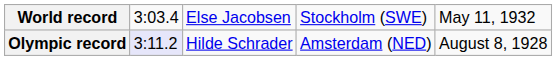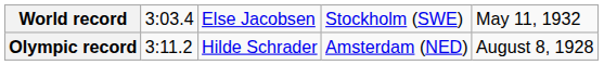 <table class="wikitable" style="font-size:95%;">
 <tr>
 <th>World record</th>
 <td>3:03.4</td>
 <td> <a href='#'>Else Jacobsen</a></td>
 <td><a href='#'>Stockholm</a> (<a href='#'>SWE</a>)</td>
 <td>May 11, 1932</td>
 </tr>
 <tr>
 <th>Olympic record</th>
-<td style="background: lavender;">3:11.2</td>
+<td>3:11.2</td>
 <td> <a href='#'>Hilde Schrader</a></td>
 <td><a href='#'>Amsterdam</a> (<a href='#'>NED</a>)</td>
 <td>August 8, 1928</td>
 </tr>
 </table>
